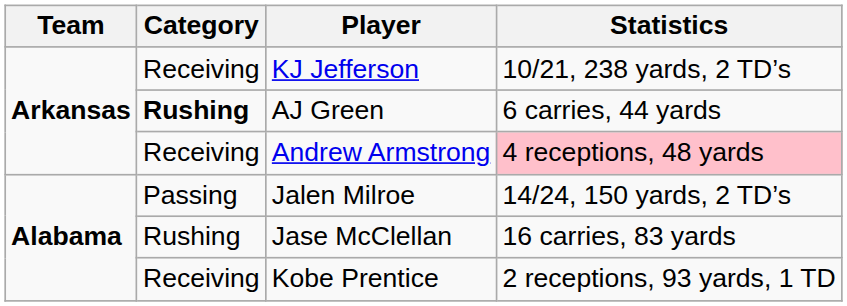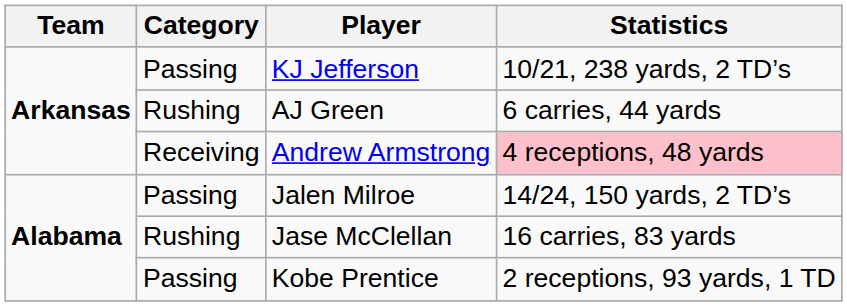 <table class="wikitable" style="float: right;">
 <tr>
 <th>Team</th>
 <th>Category</th>
 <th>Player</th>
 <th>Statistics</th>
 </tr>
 <tr>
 <td rowspan=3><strong>Arkansas</strong></td>
-<td>Receiving</td>
+<td>Passing</td>
 <td><a href='#'>KJ Jefferson</a></td>
 <td>10/21, 238 yards, 2 TD’s</td>
 </tr>
 <tr>
-<td><strong>Rushing</strong></td>
+<td>Rushing</td>
 <td>AJ Green</td>
 <td>6 carries, 44 yards</td>
 </tr>
 <tr>
 <td>Receiving</td>
 <td><a href='#'>Andrew Armstrong</a></td>
 <td style="background: pink;">4 receptions, 48 yards</td>
 </tr>
 <tr>
 <td rowspan=3><strong>Alabama</strong></td>
 <td>Passing</td>
 <td>Jalen Milroe</td>
 <td>14/24, 150 yards, 2 TD’s</td>
 </tr>
 <tr>
 <td>Rushing</td>
 <td>Jase McClellan</td>
 <td>16 carries, 83 yards</td>
 </tr>
 <tr>
-<td>Receiving</td>
+<td>Passing</td>
 <td>Kobe Prentice</td>
 <td>2 receptions, 93 yards, 1 TD</td>
 </tr>
 </table>
